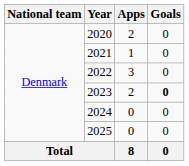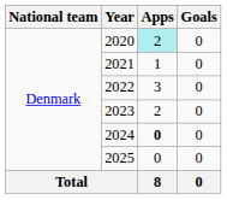 <table class="wikitable" style="text-align:center">
 <tr>
 <th>National team</th>
 <th>Year</th>
 <th>Apps</th>
 <th>Goals</th>
 </tr>
 <tr>
 <td rowspan="6"><a href='#'>Denmark</a></td>
 <td>2020</td>
-<td>2</td>
+<td style="background: paleturquoise;">2</td>
 <td>0</td>
 </tr>
 <tr>
 <td>2021</td>
 <td>1</td>
 <td>0</td>
 </tr>
 <tr>
 <td>2022</td>
 <td>3</td>
 <td>0</td>
 </tr>
 <tr>
 <td>2023</td>
 <td>2</td>
-<td><strong>0</strong></td>
+<td>0</td>
 </tr>
 <tr>
 <td>2024</td>
-<td>0</td>
+<td><strong>0</strong></td>
 <td>0</td>
 </tr>
 <tr>
 <td>2025</td>
 <td>0</td>
 <td>0</td>
 </tr>
 <tr>
 <th colspan="2">Total</th>
 <th>8</th>
 <th>0</th>
 </tr>
 </table>
